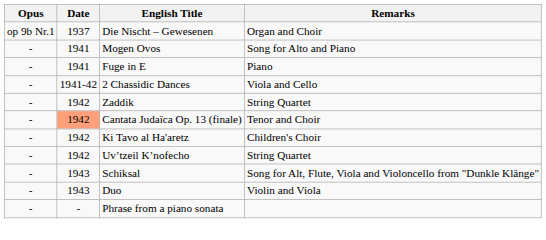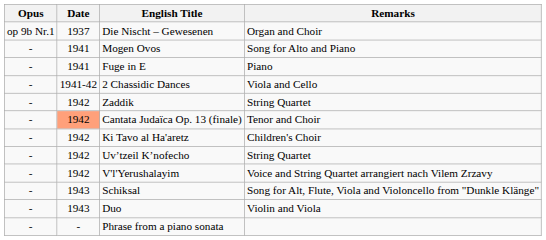 <table class="wikitable" style="margins:auto; width=95%">
 <tr>
 <th>Opus</th>
 <th>Date</th>
 <th>English Title</th>
 <th>Remarks</th>
 </tr>
 <tr>
 <td align=center>op 9b Nr.1</td>
 <td align=center>1937</td>
 <td>Die Nischt – Gewesenen</td>
 <td>Organ and Choir</td>
 </tr>
 <tr>
 <td align=center>-</td>
 <td align=center>1941</td>
 <td>Mogen Ovos</td>
 <td>Song for Alto and Piano</td>
 </tr>
 <tr>
 <td align=center>-</td>
 <td align=center>1941</td>
 <td>Fuge in E</td>
 <td>Piano</td>
 </tr>
 <tr>
 <td align=center>-</td>
 <td align=center>1941-42</td>
 <td>2 Chassidic Dances</td>
 <td>Viola and Cello</td>
 </tr>
 <tr>
 <td align=center>-</td>
 <td align=center>1942</td>
 <td>Zaddik</td>
 <td>String Quartet</td>
 </tr>
 <tr>
 <td align=center>-</td>
 <td align=center style="background: lightsalmon;">1942</td>
 <td>Cantata Judaïca Op. 13 (finale)</td>
 <td>Tenor and Choir</td>
 </tr>
 <tr>
 <td align=center>-</td>
 <td align=center>1942</td>
 <td>Ki Tavo al Ha'aretz</td>
 <td>Children's Choir</td>
 </tr>
 <tr>
 <td align=center>-</td>
 <td align=center>1942</td>
 <td>Uv’tzeil K’nofecho</td>
 <td>String Quartet</td>
 </tr>
 <tr>
 <td align=center>-</td>
+<td align=center>1942</td>
+<td>V'l'Yerushalayim</td>
+<td>Voice and String Quartet arrangiert nach Vilem Zrzavy</td>
+</tr>
+<tr>
+<td align=center>-</td>
 <td align=center>1943</td>
 <td>Schiksal</td>
 <td>Song for Alt, Flute, Viola and Violoncello from "Dunkle Klänge"</td>
 </tr>
 <tr>
 <td align=center>-</td>
 <td align=center>1943</td>
 <td>Duo</td>
 <td>Violin and Viola</td>
 </tr>
 <tr>
 <td align=center>-</td>
 <td align=center>-</td>
 <td>Phrase from a piano sonata</td>
 </tr>
 </table>
